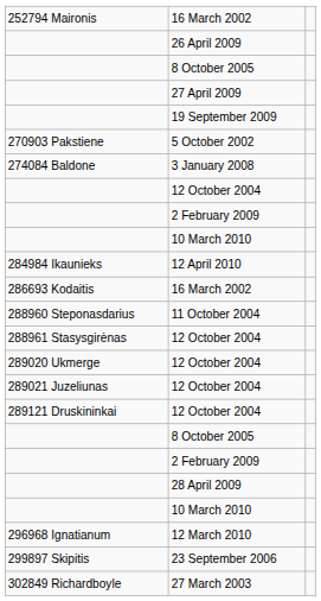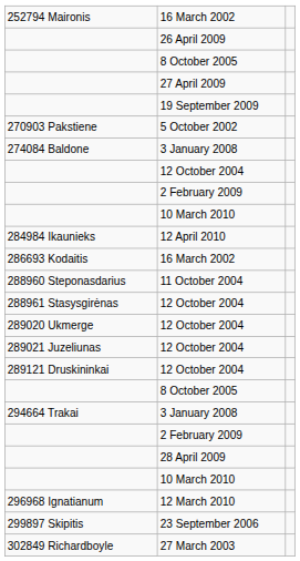 <table class="wikitable" style="font-size: 89%; float: left; width: 26em; margin-right: 1em; height: 700px;">
 <tr>
 <td>252794 Maironis</td>
 <td>16 March 2002</td>
 <td> </td>
 </tr>
 <tr>
 <td></td>
 <td>26 April 2009</td>
 <td> </td>
 </tr>
 <tr>
 <td></td>
 <td>8 October 2005</td>
 <td> </td>
 </tr>
 <tr>
 <td></td>
 <td>27 April 2009</td>
 <td> </td>
 </tr>
 <tr>
 <td></td>
 <td>19 September 2009</td>
 <td> </td>
 </tr>
 <tr>
 <td>270903 Pakstiene</td>
 <td>5 October 2002</td>
 <td></td>
 </tr>
 <tr>
 <td>274084 Baldone</td>
 <td>3 January 2008</td>
 <td> </td>
 </tr>
 <tr>
 <td></td>
 <td>12 October 2004</td>
 <td> </td>
 </tr>
 <tr>
 <td></td>
 <td>2 February 2009</td>
 <td> </td>
 </tr>
 <tr>
 <td></td>
 <td>10 March 2010</td>
 <td> </td>
 </tr>
 <tr>
 <td>284984 Ikaunieks</td>
 <td>12 April 2010</td>
 <td> </td>
 </tr>
 <tr>
 <td>286693 Kodaitis</td>
 <td>16 March 2002</td>
 <td> </td>
 </tr>
 <tr>
 <td>288960 Steponasdarius</td>
 <td>11 October 2004</td>
 <td> </td>
 </tr>
 <tr>
 <td>288961 Stasysgirėnas</td>
 <td>12 October 2004</td>
 <td> </td>
 </tr>
 <tr>
 <td>289020 Ukmerge</td>
 <td>12 October 2004</td>
 <td></td>
 </tr>
 <tr>
 <td>289021 Juzeliunas</td>
 <td>12 October 2004</td>
 <td> </td>
 </tr>
 <tr>
 <td>289121 Druskininkai</td>
 <td>12 October 2004</td>
 <td> </td>
 </tr>
 <tr>
 <td></td>
 <td>8 October 2005</td>
 <td> </td>
 </tr>
 <tr>
+<td>294664 Trakai</td>
+<td>3 January 2008</td>
+<td> </td>
+</tr>
+<tr>
 <td></td>
 <td>2 February 2009</td>
 <td> </td>
 </tr>
 <tr>
 <td></td>
 <td>28 April 2009</td>
 <td> </td>
 </tr>
 <tr>
 <td></td>
 <td>10 March 2010</td>
 <td> </td>
 </tr>
 <tr>
 <td>296968 Ignatianum</td>
 <td>12 March 2010</td>
 <td> </td>
 </tr>
 <tr>
 <td>299897 Skipitis</td>
 <td>23 September 2006</td>
 <td></td>
 </tr>
 <tr>
 <td>302849 Richardboyle</td>
 <td>27 March 2003</td>
 <td> </td>
 </tr>
 </table>
